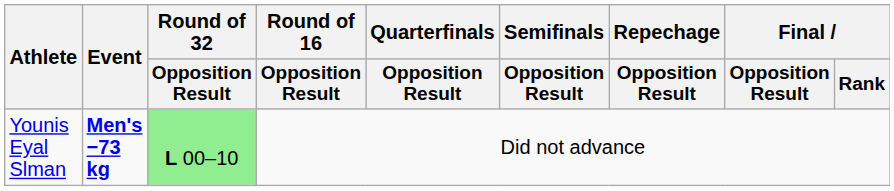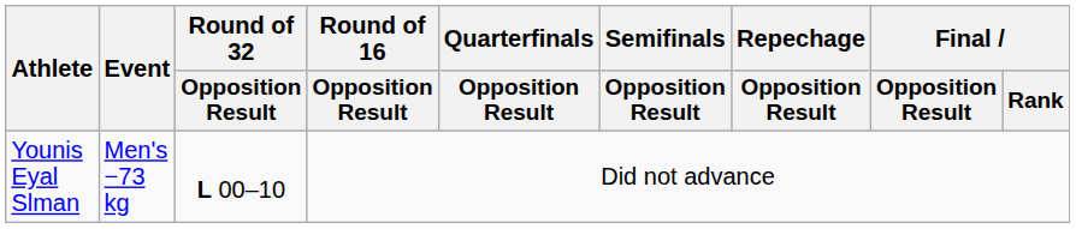 <table class="wikitable" style="font-size:90%">
 <tr>
 <th rowspan="2">Athlete</th>
 <th rowspan="2">Event</th>
 <th>Round of 32</th>
 <th>Round of 16</th>
 <th>Quarterfinals</th>
 <th>Semifinals</th>
 <th>Repechage</th>
 <th colspan=2>Final / </th>
 </tr>
 <tr style="font-size:95%">
 <th>Opposition<br>Result</th>
 <th>Opposition<br>Result</th>
 <th>Opposition<br>Result</th>
 <th>Opposition<br>Result</th>
 <th>Opposition<br>Result</th>
 <th>Opposition<br>Result</th>
 <th>Rank</th>
 </tr>
 <tr align=center>
 <td align=left><a href='#'>Younis Eyal Slman</a></td>
-<td align=left><strong><a href='#'>Men's −73 kg</a></strong></td>
-<td style="background: lightgreen;"><br><strong>L</strong> 00–10</td>
+<td align=left><a href='#'>Men's −73 kg</a></td>
+<td><br><strong>L</strong> 00–10</td>
 <td colspan=6>Did not advance</td>
 </tr>
 </table>
